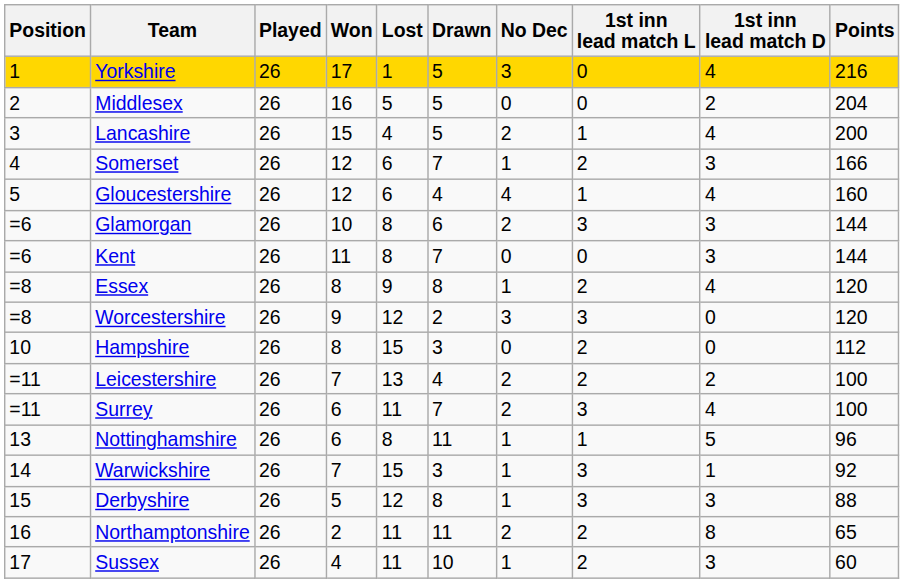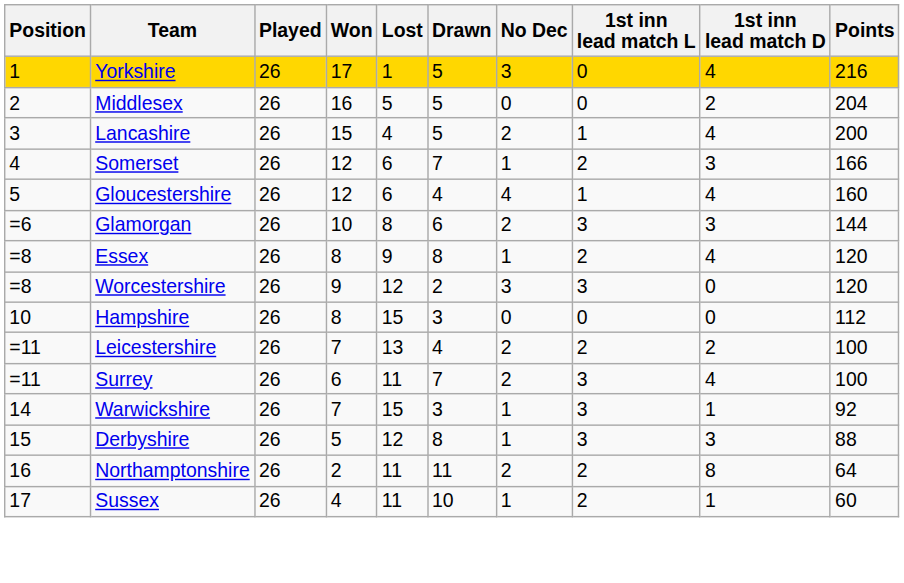 <table class="wikitable" style="font-size:85%;">
 <tr>
 <th>Position</th>
 <th>Team</th>
 <th>Played</th>
 <th>Won</th>
 <th>Lost</th>
 <th>Drawn</th>
 <th>No Dec</th>
 <th>1st inn<br>lead match L</th>
 <th>1st inn<br>lead match D</th>
 <th>Points</th>
 </tr>
 <tr>
 <td bgcolor="gold">1</td>
 <td bgcolor="gold"><a href='#'>Yorkshire</a></td>
 <td bgcolor="gold">26</td>
 <td bgcolor="gold">17</td>
 <td bgcolor="gold">1</td>
 <td bgcolor="gold">5</td>
 <td bgcolor="gold">3</td>
 <td bgcolor="gold">0</td>
 <td bgcolor="gold">4</td>
 <td bgcolor="gold">216</td>
 </tr>
 <tr>
 <td>2</td>
 <td><a href='#'>Middlesex</a></td>
 <td>26</td>
 <td>16</td>
 <td>5</td>
 <td>5</td>
 <td>0</td>
 <td>0</td>
 <td>2</td>
 <td>204</td>
 </tr>
 <tr>
 <td>3</td>
 <td><a href='#'>Lancashire</a></td>
 <td>26</td>
 <td>15</td>
 <td>4</td>
 <td>5</td>
 <td>2</td>
 <td>1</td>
 <td>4</td>
 <td>200</td>
 </tr>
 <tr>
 <td>4</td>
 <td><a href='#'>Somerset</a></td>
 <td>26</td>
 <td>12</td>
 <td>6</td>
 <td>7</td>
 <td>1</td>
 <td>2</td>
 <td>3</td>
 <td>166</td>
 </tr>
 <tr>
 <td>5</td>
 <td><a href='#'>Gloucestershire</a></td>
 <td>26</td>
 <td>12</td>
 <td>6</td>
 <td>4</td>
 <td>4</td>
 <td>1</td>
 <td>4</td>
 <td>160</td>
 </tr>
 <tr>
 <td>=6</td>
 <td><a href='#'>Glamorgan</a></td>
 <td>26</td>
 <td>10</td>
 <td>8</td>
 <td>6</td>
 <td>2</td>
 <td>3</td>
 <td>3</td>
 <td>144</td>
 </tr>
 <tr>
-<td>=6</td>
-<td><a href='#'>Kent</a></td>
-<td>26</td>
-<td>11</td>
-<td>8</td>
-<td>7</td>
-<td>0</td>
-<td>0</td>
-<td>3</td>
-<td>144</td>
-</tr>
-<tr>
 <td>=8</td>
 <td><a href='#'>Essex</a></td>
 <td>26</td>
 <td>8</td>
 <td>9</td>
 <td>8</td>
 <td>1</td>
 <td>2</td>
 <td>4</td>
 <td>120</td>
 </tr>
 <tr>
 <td>=8</td>
 <td><a href='#'>Worcestershire</a></td>
 <td>26</td>
 <td>9</td>
 <td>12</td>
 <td>2</td>
 <td>3</td>
 <td>3</td>
 <td>0</td>
 <td>120</td>
 </tr>
 <tr>
 <td>10</td>
 <td><a href='#'>Hampshire</a></td>
 <td>26</td>
 <td>8</td>
 <td>15</td>
 <td>3</td>
 <td>0</td>
-<td>2</td>
+<td>0</td>
 <td>0</td>
 <td>112</td>
 </tr>
 <tr>
 <td>=11</td>
 <td><a href='#'>Leicestershire</a></td>
 <td>26</td>
 <td>7</td>
 <td>13</td>
 <td>4</td>
 <td>2</td>
 <td>2</td>
 <td>2</td>
 <td>100</td>
 </tr>
 <tr>
 <td>=11</td>
 <td><a href='#'>Surrey</a></td>
 <td>26</td>
 <td>6</td>
 <td>11</td>
 <td>7</td>
 <td>2</td>
 <td>3</td>
 <td>4</td>
 <td>100</td>
-</tr>
-<tr>
-<td>13</td>
-<td><a href='#'>Nottinghamshire</a></td>
-<td>26</td>
-<td>6</td>
-<td>8</td>
-<td>11</td>
-<td>1</td>
-<td>1</td>
-<td>5</td>
-<td>96</td>
 </tr>
 <tr>
 <td>14</td>
 <td><a href='#'>Warwickshire</a></td>
 <td>26</td>
 <td>7</td>
 <td>15</td>
 <td>3</td>
 <td>1</td>
 <td>3</td>
 <td>1</td>
 <td>92</td>
 </tr>
 <tr>
 <td>15</td>
 <td><a href='#'>Derbyshire</a></td>
 <td>26</td>
 <td>5</td>
 <td>12</td>
 <td>8</td>
 <td>1</td>
 <td>3</td>
 <td>3</td>
 <td>88</td>
 </tr>
 <tr>
 <td>16</td>
 <td><a href='#'>Northamptonshire</a></td>
 <td>26</td>
 <td>2</td>
 <td>11</td>
 <td>11</td>
 <td>2</td>
 <td>2</td>
 <td>8</td>
-<td>65</td>
+<td>64</td>
 </tr>
 <tr>
 <td>17</td>
 <td><a href='#'>Sussex</a></td>
 <td>26</td>
 <td>4</td>
 <td>11</td>
 <td>10</td>
 <td>1</td>
 <td>2</td>
-<td>3</td>
+<td>1</td>
 <td>60</td>
 </tr>
 </table>
